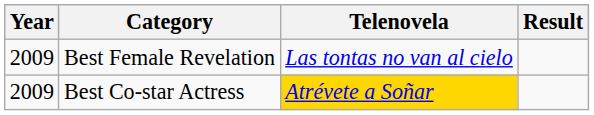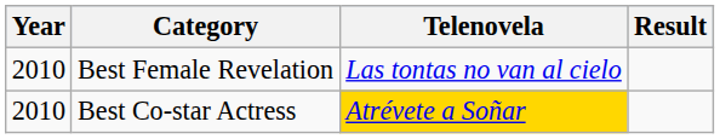 <table class="wikitable">
 <tr style="background:#b0c4de;">
 <th>Year</th>
 <th>Category</th>
 <th>Telenovela</th>
 <th>Result</th>
 </tr>
 <tr>
-<td>2009</td>
+<td>2010</td>
 <td>Best Female Revelation</td>
 <td><em><a href='#'>Las tontas no van al cielo</a></em></td>
 <td></td>
 </tr>
 <tr>
-<td>2009</td>
+<td>2010</td>
 <td>Best Co-star Actress</td>
 <td style="background: gold;"><em><a href='#'>Atrévete a Soñar</a></em></td>
 <td></td>
 </tr>
 </table>
